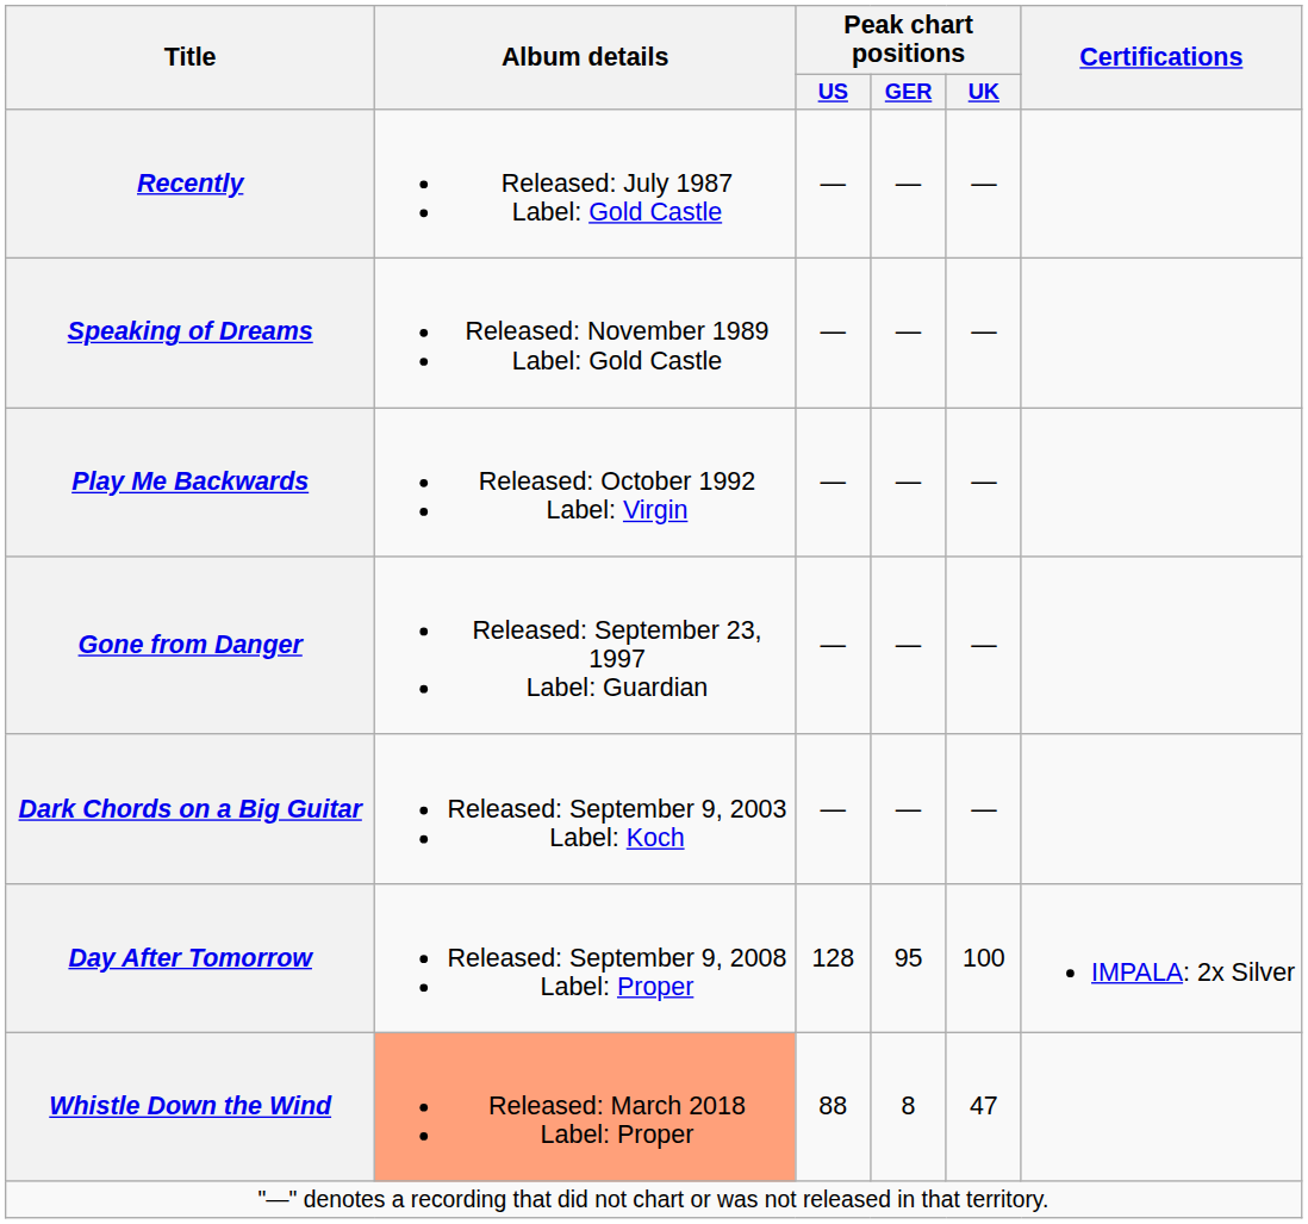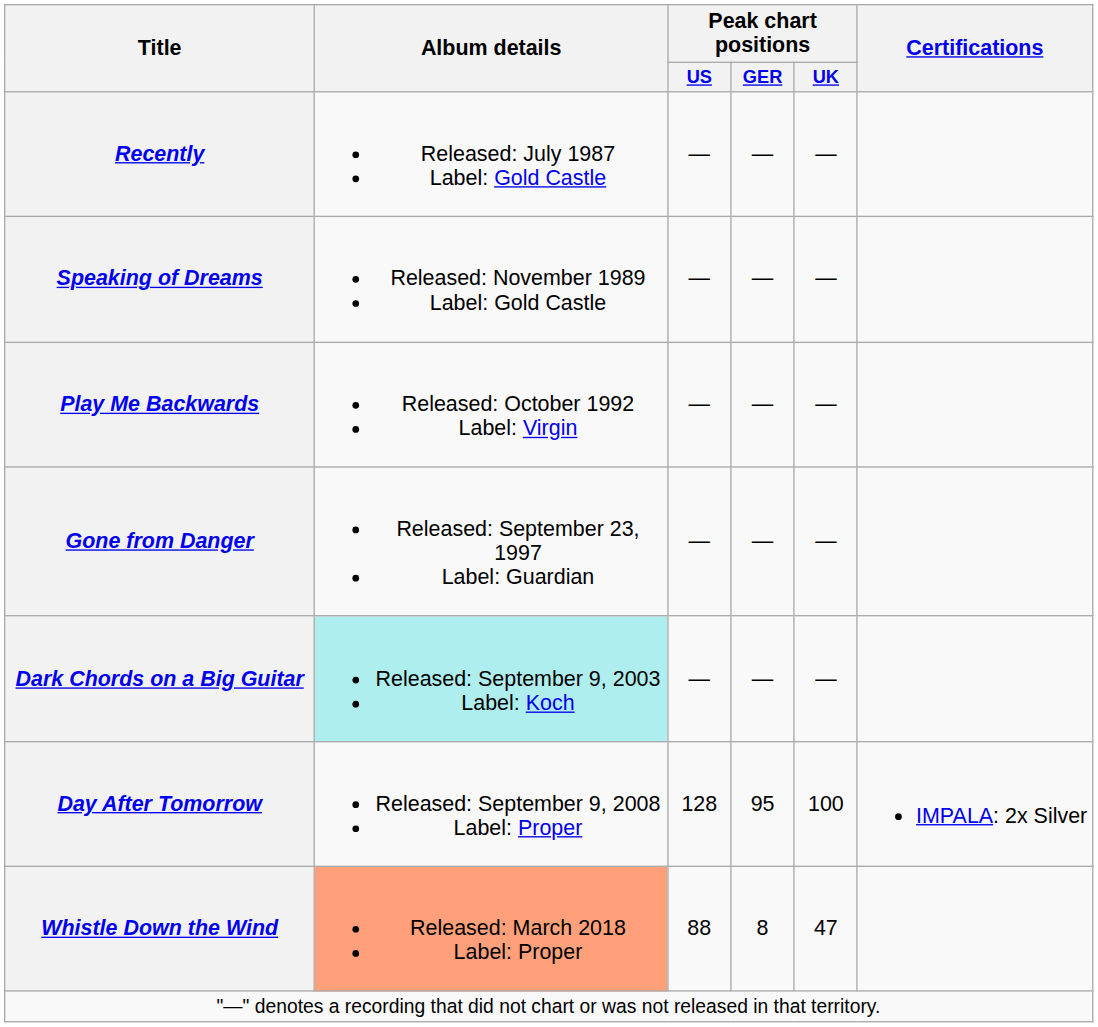 <table class="wikitable plainrowheaders" style="text-align:center;" border="1">
 <tr>
 <th scope="col" rowspan="2" style="width:14em;">Title</th>
 <th scope="col" rowspan="2" style="width:16em;">Album details</th>
 <th scope="col" colspan="3">Peak chart positions</th>
 <th scope="col" rowspan="2"><a href='#'>Certifications</a></th>
 </tr>
 <tr>
 <th scope="col" style="width:3em;font-size:85%;"><a href='#'>US</a><br></th>
 <th scope="col" style="width:3em;font-size:85%;"><a href='#'>GER</a> <br></th>
 <th scope="col" style="width:3em;font-size:85%;"><a href='#'>UK</a> <br></th>
 </tr>
 <tr>
 <th scope="row"><em><a href='#'>Recently</a></em></th>
 <td><br><ul><li>Released: July 1987</li><li>Label: <a href='#'>Gold Castle</a></li></ul></td>
 <td>—</td>
 <td>—</td>
 <td>—</td>
 <td></td>
 </tr>
 <tr>
 <th scope="row"><em><a href='#'>Speaking of Dreams</a></em></th>
 <td><br><ul><li>Released: November 1989</li><li>Label: Gold Castle</li></ul></td>
 <td>—</td>
 <td>—</td>
 <td>—</td>
 <td></td>
 </tr>
 <tr>
 <th scope="row"><em><a href='#'>Play Me Backwards</a></em></th>
 <td><br><ul><li>Released: October 1992</li><li>Label: <a href='#'>Virgin</a></li></ul></td>
 <td>—</td>
 <td>—</td>
 <td>—</td>
 <td></td>
 </tr>
 <tr>
 <th scope="row"><em><a href='#'>Gone from Danger</a></em></th>
 <td><br><ul><li>Released: September 23, 1997</li><li>Label: Guardian</li></ul></td>
 <td>—</td>
 <td>—</td>
 <td>—</td>
 <td></td>
 </tr>
 <tr>
 <th scope="row"><em><a href='#'>Dark Chords on a Big Guitar</a></em></th>
-<td><br><ul><li>Released: September 9, 2003</li><li>Label: <a href='#'>Koch</a></li></ul></td>
+<td style="background: paleturquoise;"><br><ul><li>Released: September 9, 2003</li><li>Label: <a href='#'>Koch</a></li></ul></td>
 <td>—</td>
 <td>—</td>
 <td>—</td>
 <td></td>
 </tr>
 <tr>
 <th scope="row"><em><a href='#'>Day After Tomorrow</a></em></th>
 <td><br><ul><li>Released: September 9, 2008</li><li>Label: <a href='#'>Proper</a></li></ul></td>
 <td>128</td>
 <td>95</td>
 <td>100</td>
 <td><br><ul><li><a href='#'>IMPALA</a>: 2x Silver</li></ul></td>
 </tr>
 <tr>
 <th scope="row"><em><a href='#'>Whistle Down the Wind</a></em></th>
 <td style="background: lightsalmon;"><br><ul><li>Released: March 2018</li><li>Label: Proper</li></ul></td>
 <td>88</td>
 <td>8</td>
 <td>47</td>
 <td></td>
 </tr>
 <tr>
 <td colspan="10" style="font-size:90%">"—" denotes a recording that did not chart or was not released in that territory.</td>
 </tr>
 </table>
